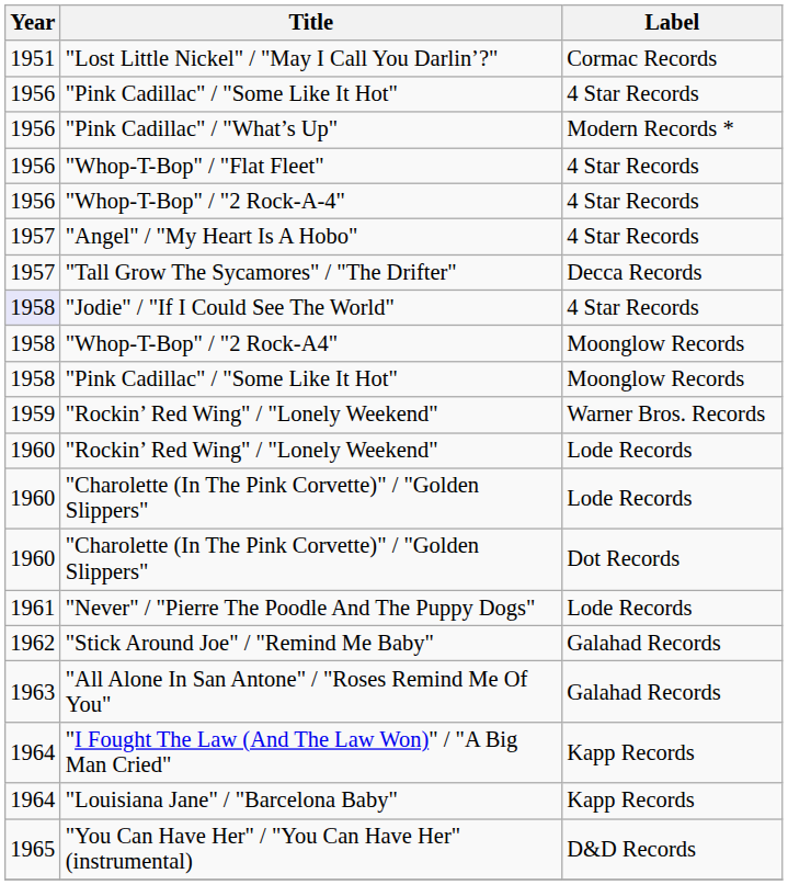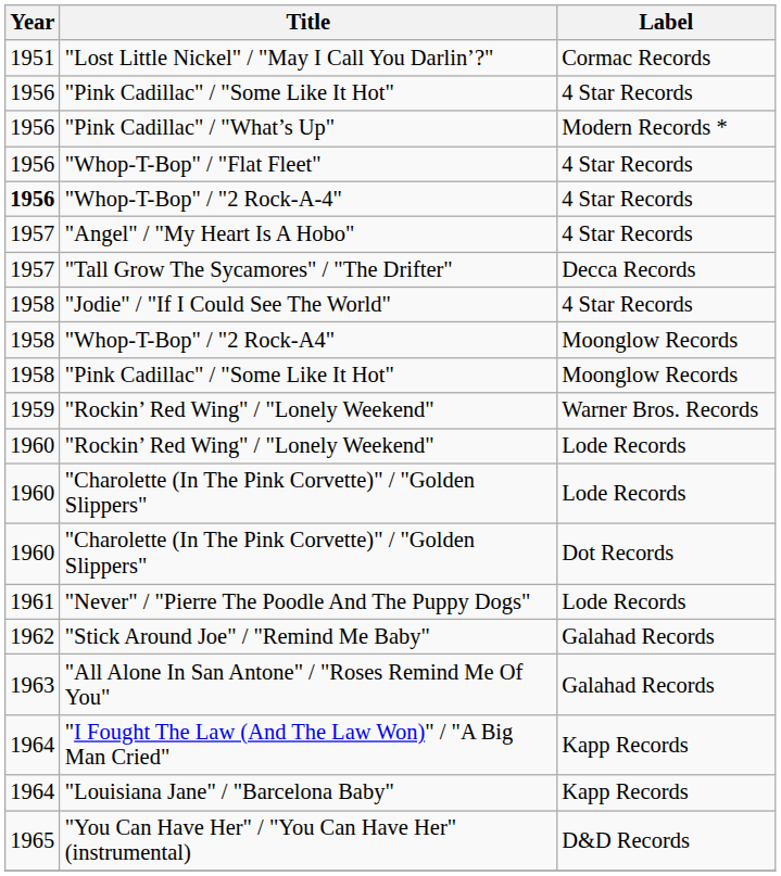 <table class="wikitable">
 <tr>
 <th width="25">Year</th>
 <th width="350">Title</th>
 <th width="150">Label</th>
 </tr>
 <tr>
 <td>1951</td>
 <td>"Lost Little Nickel" / "May I Call You Darlin’?"</td>
 <td>Cormac Records</td>
 </tr>
 <tr>
 <td>1956</td>
 <td>"Pink Cadillac" / "Some Like It Hot"</td>
 <td>4 Star Records</td>
 </tr>
 <tr>
 <td>1956</td>
 <td>"Pink Cadillac" / "What’s Up"</td>
 <td>Modern Records *</td>
 </tr>
 <tr>
 <td>1956</td>
 <td>"Whop-T-Bop" / "Flat Fleet"</td>
 <td>4 Star Records</td>
 </tr>
 <tr>
-<td>1956</td>
+<td><strong>1956</strong></td>
 <td>"Whop-T-Bop" / "2 Rock-A-4"</td>
 <td>4 Star Records</td>
 </tr>
 <tr>
 <td>1957</td>
 <td>"Angel" / "My Heart Is A Hobo"</td>
 <td>4 Star Records</td>
 </tr>
 <tr>
 <td>1957</td>
 <td>"Tall Grow The Sycamores" / "The Drifter"</td>
 <td>Decca Records</td>
 </tr>
 <tr>
-<td style="background: lavender;">1958</td>
+<td>1958</td>
 <td>"Jodie" / "If I Could See The World"</td>
 <td>4 Star Records</td>
 </tr>
 <tr>
 <td>1958</td>
 <td>"Whop-T-Bop" / "2 Rock-A4"</td>
 <td>Moonglow Records</td>
 </tr>
 <tr>
 <td>1958</td>
 <td>"Pink Cadillac" / "Some Like It Hot"</td>
 <td>Moonglow Records</td>
 </tr>
 <tr>
 <td>1959</td>
 <td>"Rockin’ Red Wing" / "Lonely Weekend"</td>
 <td>Warner Bros. Records</td>
 </tr>
 <tr>
 <td>1960</td>
 <td>"Rockin’ Red Wing" / "Lonely Weekend"</td>
 <td>Lode Records</td>
 </tr>
 <tr>
 <td>1960</td>
 <td>"Charolette (In The Pink Corvette)" / "Golden Slippers"</td>
 <td>Lode Records</td>
 </tr>
 <tr>
 <td>1960</td>
 <td>"Charolette (In The Pink Corvette)" / "Golden Slippers"</td>
 <td>Dot Records</td>
 </tr>
 <tr>
 <td>1961</td>
 <td>"Never" / "Pierre The Poodle And The Puppy Dogs"</td>
 <td>Lode Records</td>
 </tr>
 <tr>
 <td>1962</td>
 <td>"Stick Around Joe" / "Remind Me Baby"</td>
 <td>Galahad Records</td>
 </tr>
 <tr>
 <td>1963</td>
 <td>"All Alone In San Antone" / "Roses Remind Me Of You"</td>
 <td>Galahad Records</td>
 </tr>
 <tr>
 <td>1964</td>
 <td>"<a href='#'>I Fought The Law (And The Law Won)</a>" / "A Big Man Cried"</td>
 <td>Kapp Records</td>
 </tr>
 <tr>
 <td>1964</td>
 <td>"Louisiana Jane" / "Barcelona Baby"</td>
 <td>Kapp Records</td>
 </tr>
 <tr>
 <td>1965</td>
 <td>"You Can Have Her" / "You Can Have Her" (instrumental)</td>
 <td>D&D Records</td>
 </tr>
 <tr>
 </tr>
 </table>
